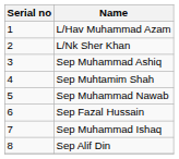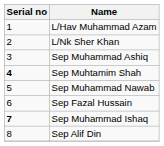 <table class="wikitable">
 <tr>
 <th>Serial no</th>
 <th>Name</th>
 </tr>
 <tr>
 <td>1</td>
 <td>L/Hav Muhammad Azam</td>
 </tr>
 <tr>
 <td>2</td>
 <td>L/Nk Sher Khan</td>
 </tr>
 <tr>
 <td>3</td>
 <td>Sep Muhammad Ashiq</td>
 </tr>
 <tr>
-<td>4</td>
+<td><strong>4</strong></td>
 <td>Sep Muhtamim Shah</td>
 </tr>
 <tr>
 <td>5</td>
 <td>Sep Muhammad Nawab</td>
 </tr>
 <tr>
 <td>6</td>
 <td>Sep Fazal Hussain</td>
 </tr>
 <tr>
-<td>7</td>
+<td><strong>7</strong></td>
 <td>Sep Muhammad Ishaq</td>
 </tr>
 <tr>
 <td>8</td>
 <td>Sep Alif Din</td>
 </tr>
 <tr>
 </tr>
 </table>
